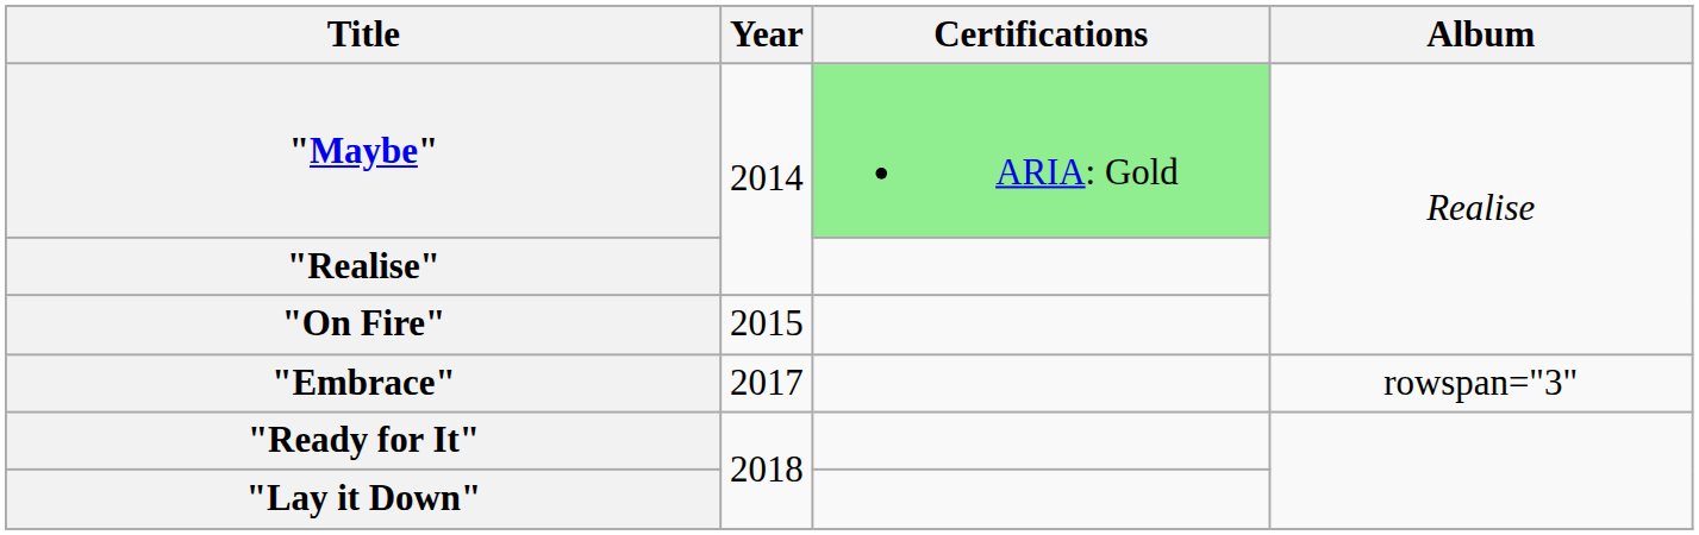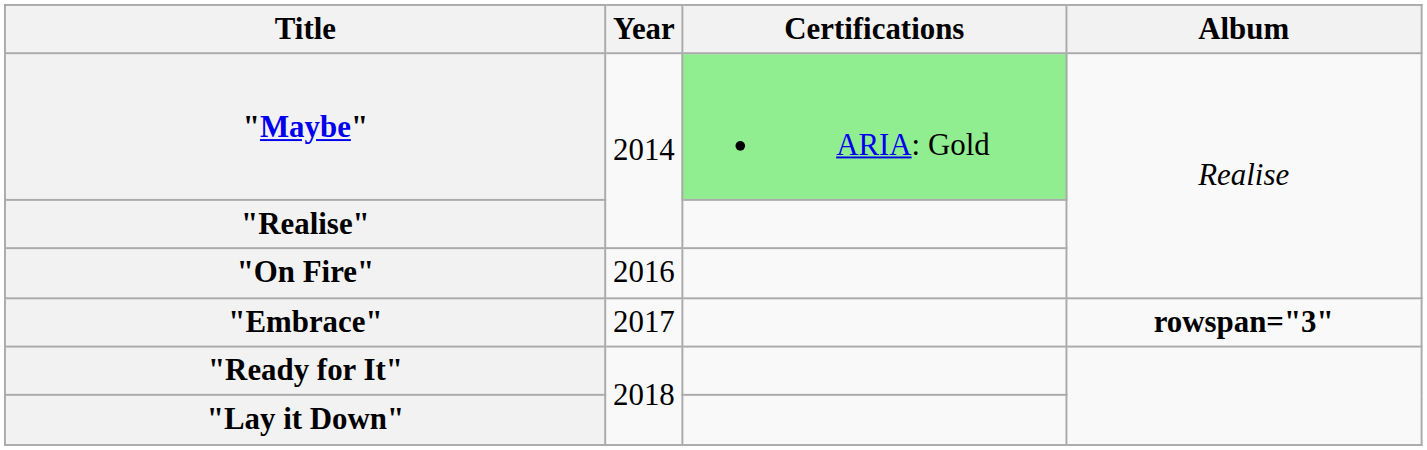 <table class="wikitable plainrowheaders" style="text-align:center;">
 <tr>
 <th scope="col" rowspan="1" style="width:19em;">Title</th>
 <th scope="col" rowspan="1" style="width:1em;">Year</th>
 <th scope="col" rowspan="1" style="width:12em;">Certifications</th>
 <th scope="col" rowspan="1" style="width:11em;">Album</th>
 </tr>
 <tr>
 <th scope="row">"<a href='#'>Maybe</a>"</th>
 <td rowspan="2">2014</td>
 <td style="background: lightgreen;"><br><ul><li><a href='#'>ARIA</a>: Gold</li></ul></td>
 <td rowspan="3"><em>Realise</em></td>
 </tr>
 <tr>
 <th scope="row">"Realise" </th>
 <td></td>
 </tr>
 <tr>
 <th scope="row">"On Fire" </th>
-<td>2015</td>
+<td>2016</td>
 <td></td>
 </tr>
 <tr>
 <th scope="row">"Embrace" </th>
 <td>2017</td>
 <td></td>
-<td>rowspan="3" </td>
+<td><strong>rowspan="3" </strong></td>
 </tr>
 <tr>
 <th scope="row">"Ready for It" </th>
 <td rowspan="2">2018</td>
 <td></td>
 </tr>
 <tr>
 <th scope="row">"Lay it Down" </th>
 <td></td>
 </tr>
 </table>
